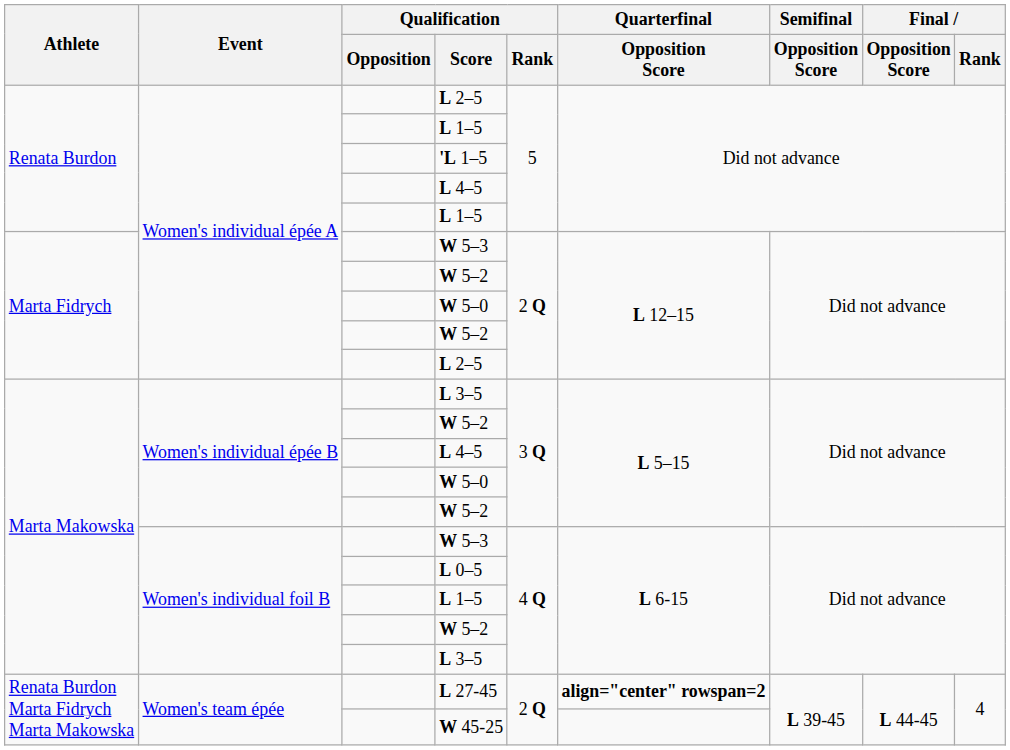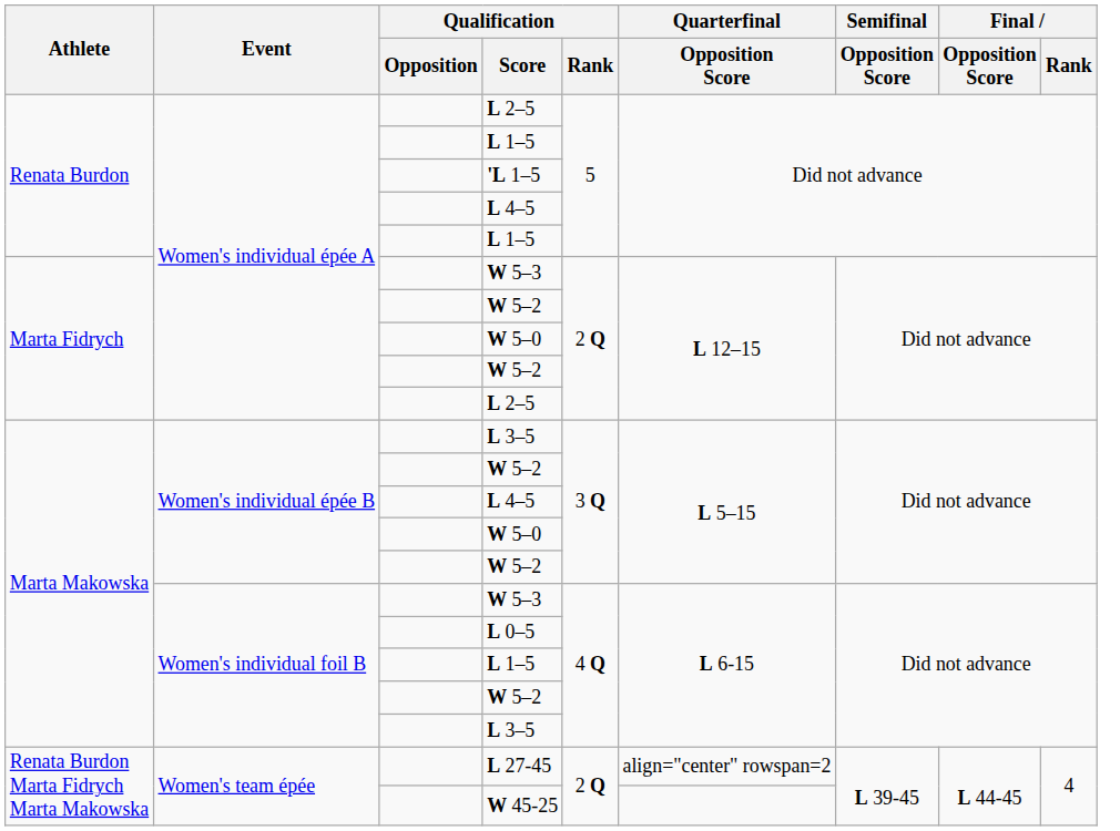 <table class=wikitable style="font-size:90%">
 <tr>
 <th rowspan="2">Athlete</th>
 <th rowspan="2">Event</th>
 <th colspan="3">Qualification</th>
 <th>Quarterfinal</th>
 <th>Semifinal</th>
 <th colspan="2">Final / </th>
 </tr>
 <tr>
 <th>Opposition</th>
 <th>Score</th>
 <th>Rank</th>
 <th>Opposition<br>Score</th>
 <th>Opposition<br>Score</th>
 <th>Opposition<br>Score</th>
 <th>Rank</th>
 </tr>
 <tr>
 <td rowspan=5><a href='#'>Renata Burdon</a></td>
 <td rowspan=10><a href='#'>Women's individual épée A</a></td>
 <td></td>
 <td><strong>L</strong> 2–5</td>
 <td align="center" rowspan=5>5</td>
 <td align="center" rowspan=5 colspan=4>Did not advance</td>
 </tr>
 <tr>
 <td></td>
 <td><strong>L</strong> 1–5</td>
 </tr>
 <tr>
 <td></td>
 <td><strong>'L</strong> 1–5</td>
 </tr>
 <tr>
 <td></td>
 <td><strong>L</strong> 4–5</td>
 </tr>
 <tr>
 <td></td>
 <td><strong>L</strong> 1–5</td>
 </tr>
 <tr>
 <td rowspan=5><a href='#'>Marta Fidrych</a></td>
 <td></td>
 <td><strong>W</strong> 5–3</td>
 <td align="center" rowspan=5>2 <strong>Q</strong></td>
 <td align="center" rowspan=5> <br><strong>L</strong> 12–15</td>
 <td align="center" rowspan=5 colspan=3>Did not advance</td>
 </tr>
 <tr>
 <td></td>
 <td><strong>W</strong> 5–2</td>
 </tr>
 <tr>
 <td></td>
 <td><strong>W</strong> 5–0</td>
 </tr>
 <tr>
 <td></td>
 <td><strong>W</strong> 5–2</td>
 </tr>
 <tr>
 <td></td>
 <td><strong>L</strong> 2–5</td>
 </tr>
 <tr>
 <td rowspan=10><a href='#'>Marta Makowska</a></td>
 <td rowspan=5><a href='#'>Women's individual épée B</a></td>
 <td></td>
 <td><strong>L</strong> 3–5</td>
 <td align="center" rowspan=5>3 <strong>Q</strong></td>
 <td align="center" rowspan=5><br> <strong>L</strong> 5–15</td>
 <td align="center" rowspan=5 colspan=3>Did not advance</td>
 </tr>
 <tr>
 <td></td>
 <td><strong>W</strong> 5–2</td>
 </tr>
 <tr>
 <td></td>
 <td><strong>L</strong> 4–5</td>
 </tr>
 <tr>
 <td></td>
 <td><strong>W</strong> 5–0</td>
 </tr>
 <tr>
 <td></td>
 <td><strong>W</strong> 5–2</td>
 </tr>
 <tr>
 <td rowspan=5><a href='#'>Women's individual foil B</a></td>
 <td></td>
 <td><strong>W</strong> 5–3</td>
 <td align="center" rowspan=5>4 <strong>Q</strong></td>
 <td align="center" rowspan=5> <strong>L</strong> 6-15</td>
 <td align="center" rowspan=5 colspan=3>Did not advance</td>
 </tr>
 <tr>
 <td></td>
 <td><strong>L</strong> 0–5</td>
 </tr>
 <tr>
 <td></td>
 <td><strong>L</strong> 1–5</td>
 </tr>
 <tr>
 <td></td>
 <td><strong>W</strong> 5–2</td>
 </tr>
 <tr>
 <td></td>
 <td><strong>L</strong> 3–5</td>
 </tr>
 <tr>
 <td align=left rowspan=2><a href='#'>Renata Burdon</a><br><a href='#'>Marta Fidrych</a><br><a href='#'>Marta Makowska</a></td>
 <td align=left rowspan=2><a href='#'>Women's team épée</a></td>
 <td></td>
 <td><strong>L</strong> 27-45</td>
 <td align="center" rowspan=2>2 <strong>Q</strong></td>
-<td><strong>align="center" rowspan=2</strong></td>
+<td>align="center" rowspan=2</td>
 <td align="center" rowspan=2><br><strong>L</strong> 39-45</td>
 <td align="center" rowspan=2><br><strong>L</strong> 44-45</td>
 <td align="center" rowspan=2>4</td>
 </tr>
 <tr>
 <td></td>
 <td><strong>W</strong> 45-25</td>
 </tr>
 </table>
